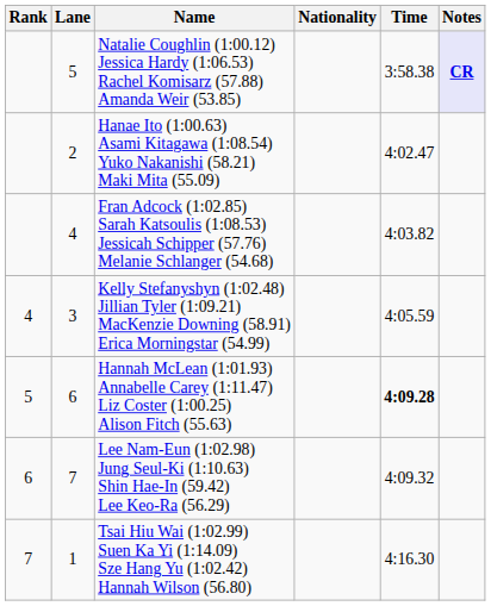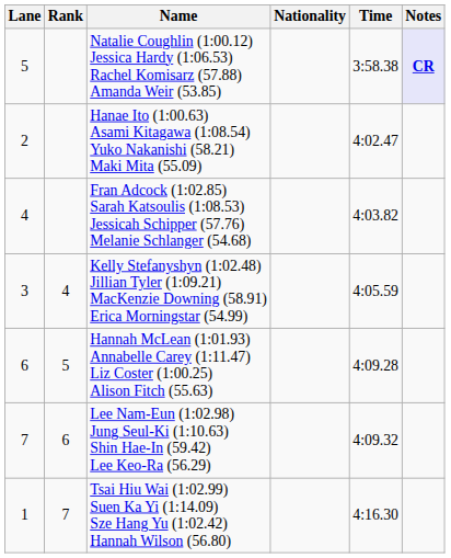 <table class="wikitable sortable" style="text-align:center">
 <tr>
+<th>Lane</th>
 <th>Rank</th>
-<th>Lane</th>
 <th>Name</th>
 <th>Nationality</th>
 <th>Time</th>
 <th>Notes</th>
 </tr>
 <tr>
+<td>5</td>
 <td></td>
-<td>5</td>
 <td align=left><a href='#'>Natalie Coughlin</a> (1:00.12) <br><a href='#'>Jessica Hardy</a> (1:06.53) <br><a href='#'>Rachel Komisarz</a> (57.88) <br><a href='#'>Amanda Weir</a> (53.85)</td>
 <td align=left></td>
 <td>3:58.38</td>
 <td style="background: lavender;"><strong><a href='#'>CR</a></strong></td>
 </tr>
 <tr>
+<td>2</td>
 <td></td>
-<td>2</td>
 <td align=left><a href='#'>Hanae Ito</a> (1:00.63) <br><a href='#'>Asami Kitagawa</a> (1:08.54) <br><a href='#'>Yuko Nakanishi</a> (58.21) <br><a href='#'>Maki Mita</a> (55.09)</td>
 <td align=left></td>
 <td>4:02.47</td>
 <td></td>
 </tr>
 <tr>
+<td>4</td>
 <td></td>
-<td>4</td>
 <td align=left><a href='#'>Fran Adcock</a> (1:02.85) <br><a href='#'>Sarah Katsoulis</a> (1:08.53) <br><a href='#'>Jessicah Schipper</a> (57.76) <br><a href='#'>Melanie Schlanger</a> (54.68)</td>
 <td align=left></td>
 <td>4:03.82</td>
 <td></td>
 </tr>
 <tr>
+<td>3</td>
 <td>4</td>
-<td>3</td>
 <td align=left><a href='#'>Kelly Stefanyshyn</a> (1:02.48) <br><a href='#'>Jillian Tyler</a> (1:09.21) <br><a href='#'>MacKenzie Downing</a> (58.91) <br><a href='#'>Erica Morningstar</a> (54.99)</td>
 <td align=left></td>
 <td>4:05.59</td>
 <td></td>
 </tr>
 <tr>
+<td>6</td>
 <td>5</td>
-<td>6</td>
 <td align=left><a href='#'>Hannah McLean</a> (1:01.93) <br> <a href='#'>Annabelle Carey</a> (1:11.47) <br> <a href='#'>Liz Coster</a> (1:00.25) <br> <a href='#'>Alison Fitch</a> (55.63)</td>
 <td align=left></td>
-<td><strong>4:09.28</strong></td>
+<td>4:09.28</td>
 <td></td>
 </tr>
 <tr>
+<td>7</td>
 <td>6</td>
-<td>7</td>
 <td align=left><a href='#'>Lee Nam-Eun</a> (1:02.98) <br><a href='#'>Jung Seul-Ki</a> (1:10.63) <br><a href='#'>Shin Hae-In</a> (59.42) <br><a href='#'>Lee Keo-Ra</a> (56.29)</td>
 <td align=left></td>
 <td>4:09.32</td>
 <td></td>
 </tr>
 <tr>
+<td>1</td>
 <td>7</td>
-<td>1</td>
 <td align=left><a href='#'>Tsai Hiu Wai</a> (1:02.99) <br><a href='#'>Suen Ka Yi</a> (1:14.09) <br><a href='#'>Sze Hang Yu</a> (1:02.42) <br><a href='#'>Hannah Wilson</a> (56.80)</td>
 <td align=left></td>
 <td>4:16.30</td>
 <td></td>
 </tr>
 </table>
